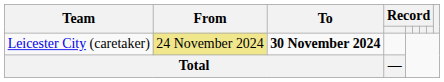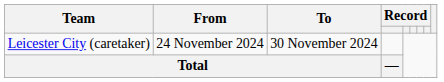 <table class=wikitable style="text-align: center">
 <tr>
 <th rowspan=2>Team</th>
 <th rowspan=2>From</th>
 <th rowspan=2>To</th>
 <th colspan=5>Record</th>
 <th rowspan=2></th>
 </tr>
 <tr>
 <th></th>
 <th></th>
 <th></th>
 <th></th>
 <th></th>
 </tr>
 <tr>
 <td align="left"><a href='#'>Leicester City</a> (caretaker)</td>
-<td align="left" style="background: khaki;">24 November 2024</td>
-<td align="left"><strong>30 November 2024<br></strong></td>
+<td align="left">24 November 2024</td>
+<td align="left">30 November 2024<br></td>
 <td></td>
 </tr>
 <tr>
 <th colspan=3>Total<br></th>
 <th>—</th>
 </tr>
 </table>
